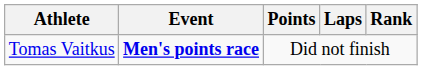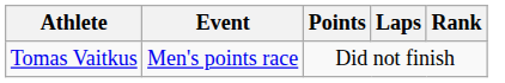 <table class=wikitable style="font-size:90%">
 <tr>
 <th>Athlete</th>
 <th>Event</th>
 <th>Points</th>
 <th>Laps</th>
 <th>Rank</th>
 </tr>
 <tr align=center>
 <td align=left><a href='#'>Tomas Vaitkus</a></td>
-<td align=left><strong><a href='#'>Men's points race</a></strong></td>
+<td align=left><a href='#'>Men's points race</a></td>
 <td colspan=3>Did not finish</td>
 </tr>
 </table>
